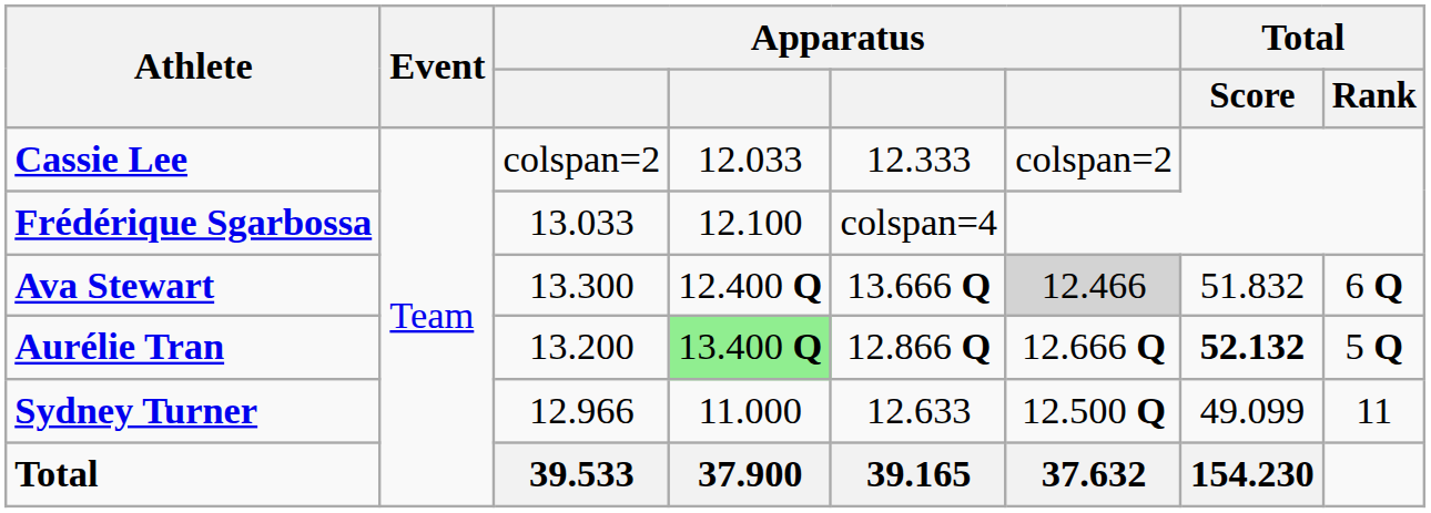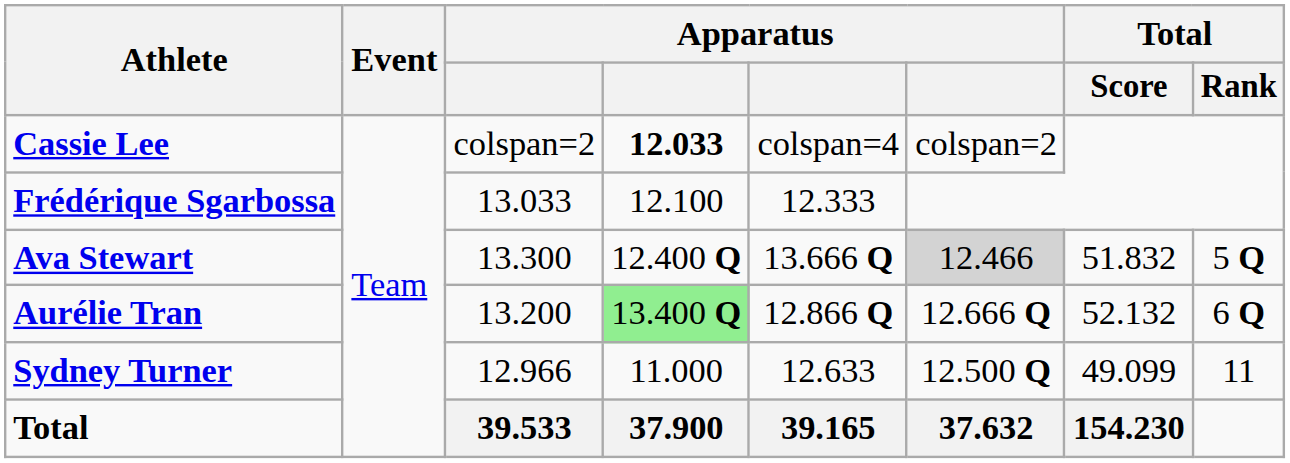 <table class="wikitable" style="font-size:90%">
 <tr>
 <th rowspan=2>Athlete</th>
 <th rowspan=2>Event</th>
 <th colspan=4>Apparatus</th>
 <th colspan=2>Total</th>
 </tr>
 <tr style="font-size:95%">
 <th></th>
 <th></th>
 <th></th>
 <th></th>
 <th>Score</th>
 <th>Rank</th>
 </tr>
 <tr align=center>
 <td align=left><strong><a href='#'>Cassie Lee</a></strong></td>
 <td align=left rowspan=6><a href='#'>Team</a></td>
 <td>colspan=2 </td>
-<td>12.033</td>
-<td>12.333</td>
+<td><strong>12.033</strong></td>
+<td>colspan=4 </td>
 <td>colspan=2 </td>
 </tr>
 <tr align=center>
 <td align=left><strong><a href='#'>Frédérique Sgarbossa</a></strong></td>
 <td>13.033</td>
 <td>12.100</td>
-<td>colspan=4 </td>
+<td>12.333</td>
 </tr>
 <tr align=center>
 <td align=left><strong><a href='#'>Ava Stewart</a></strong></td>
 <td>13.300</td>
 <td>12.400 <strong>Q</strong></td>
 <td>13.666 <strong>Q</strong></td>
 <td style="background: lightgrey;">12.466</td>
 <td>51.832</td>
-<td>6 <strong>Q</strong></td>
+<td>5 <strong>Q</strong></td>
 </tr>
 <tr align=center>
 <td align=left><strong><a href='#'>Aurélie Tran</a></strong></td>
 <td>13.200</td>
 <td style="background: lightgreen;">13.400 <strong>Q</strong></td>
 <td>12.866 <strong>Q</strong></td>
 <td>12.666 <strong>Q</strong></td>
-<td><strong>52.132</strong></td>
-<td>5 <strong>Q</strong></td>
+<td>52.132</td>
+<td>6 <strong>Q</strong></td>
 </tr>
 <tr align=center>
 <td align=left><strong><a href='#'>Sydney Turner</a></strong></td>
 <td>12.966</td>
 <td>11.000</td>
 <td>12.633</td>
 <td>12.500 <strong>Q</strong></td>
 <td>49.099</td>
 <td>11</td>
 </tr>
 <tr align=center>
 <td align=left><strong>Total</strong></td>
 <th>39.533</th>
 <th>37.900</th>
 <th>39.165</th>
 <th>37.632</th>
 <th>154.230</th>
 <td></td>
 </tr>
 </table>
